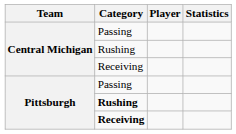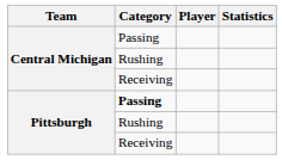 <table class="wikitable" style="float:right">
 <tr>
 <th>Team</th>
 <th>Category</th>
 <th>Player</th>
 <th>Statistics</th>
 </tr>
 <tr>
 <th rowspan=3>Central Michigan</th>
 <td>Passing</td>
 <td></td>
 <td></td>
 </tr>
 <tr>
 <td>Rushing</td>
 <td></td>
 <td></td>
 </tr>
 <tr>
 <td>Receiving</td>
 <td></td>
 <td></td>
 </tr>
 <tr>
 <th rowspan=3>Pittsburgh</th>
-<td>Passing</td>
+<td><strong>Passing</strong></td>
 <td></td>
 <td></td>
 </tr>
 <tr>
-<td><strong>Rushing</strong></td>
+<td>Rushing</td>
 <td></td>
 <td></td>
 </tr>
 <tr>
-<td><strong>Receiving</strong></td>
+<td>Receiving</td>
 <td></td>
 <td></td>
 </tr>
 </table>
